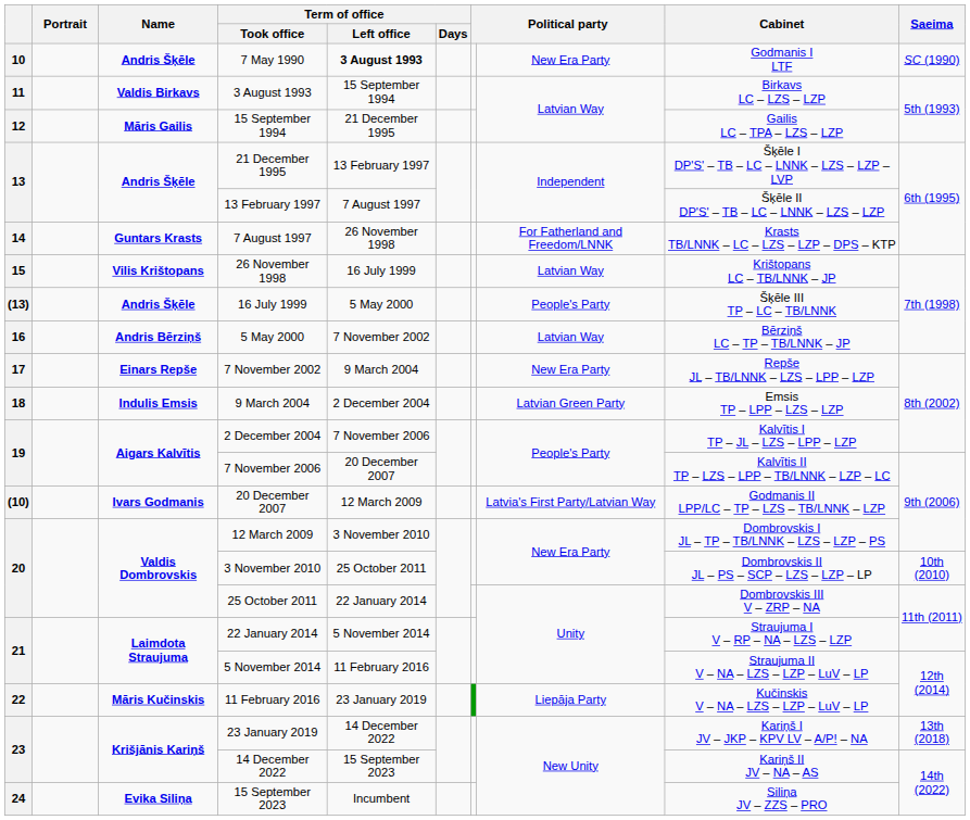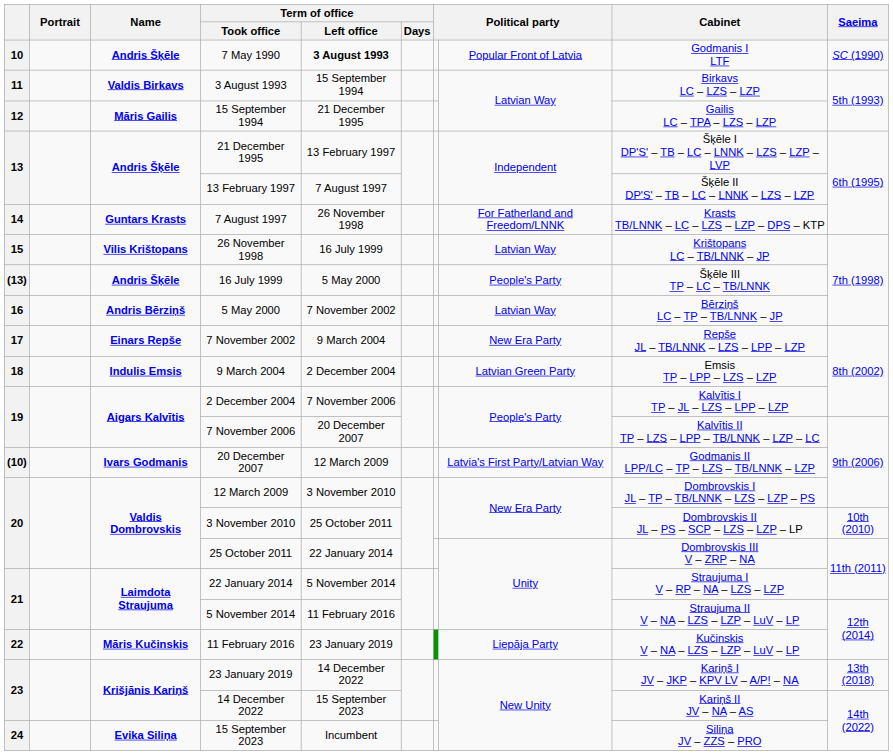 <table class="wikitable" style="text-align:center; width:100%; border:1px #AAAAFF solid">
 <tr>
 <th rowspan=2></th>
 <th width=80 rowspan=2>Portrait</th>
 <th rowspan=2>Name<br></th>
 <th colspan=3>Term of office</th>
 <th rowspan=2 colspan=2>Political party</th>
 <th rowspan=2>Cabinet</th>
 <th rowspan=2><a href='#'>Saeima</a></th>
 </tr>
 <tr>
 <th>Took office</th>
 <th>Left office</th>
 <th>Days</th>
 </tr>
 <tr>
 <th>10</th>
 <td></td>
 <td><strong><a href='#'>Andris Šķēle</a></strong><br></td>
 <td>7 May 1990</td>
 <td><strong>3 August 1993</strong></td>
 <td></td>
 <td style="background:"></td>
-<td><a href='#'>New Era Party</a></td>
+<td><a href='#'>Popular Front of Latvia</a></td>
 <td><a href='#'>Godmanis I</a><br><a href='#'>LTF</a><br></td>
 <td><a href='#'><em>SC</em> (1990)</a></td>
 </tr>
 <tr>
 <th>11</th>
 <td></td>
 <td><strong><a href='#'>Valdis Birkavs</a></strong><br></td>
 <td>3 August 1993</td>
 <td>15 September 1994</td>
 <td></td>
 <td style="background:"></td>
 <td rowspan=2><a href='#'>Latvian Way</a></td>
 <td><a href='#'>Birkavs</a><br><a href='#'>LC</a> – <a href='#'>LZS</a> – <a href='#'>LZP</a></td>
 <td rowspan=2><a href='#'>5th (1993)</a></td>
 </tr>
 <tr>
 <th>12</th>
 <td></td>
 <td><strong><a href='#'>Māris Gailis</a></strong><br></td>
 <td>15 September 1994</td>
 <td>21 December 1995</td>
 <td></td>
 <td style="background:"></td>
 <td><a href='#'>Gailis</a><br><a href='#'>LC</a> – <a href='#'>TPA</a> – <a href='#'>LZS</a> – <a href='#'>LZP</a><br></td>
 </tr>
 <tr>
 <th rowspan=2>13</th>
 <td rowspan=2></td>
 <td rowspan=2><strong><a href='#'>Andris Šķēle</a></strong><br></td>
 <td>21 December 1995</td>
 <td>13 February 1997</td>
 <td rowspan=2></td>
 <td rowspan=2 style="background:"></td>
 <td rowspan=2><a href='#'>Independent</a></td>
 <td>Šķēle I<br><a href='#'>DP'S'</a> – <a href='#'>TB</a> – <a href='#'>LC</a> – <a href='#'>LNNK</a> – <a href='#'>LZS</a> – <a href='#'>LZP</a> – <a href='#'>LVP</a></td>
 <td rowspan=3><a href='#'>6th (1995)</a></td>
 </tr>
 <tr>
 <td>13 February 1997</td>
 <td>7 August 1997</td>
 <td>Šķēle II<br><a href='#'>DP'S'</a> – <a href='#'>TB</a> – <a href='#'>LC</a> – <a href='#'>LNNK</a> – <a href='#'>LZS</a> – <a href='#'>LZP</a><br></td>
 </tr>
 <tr>
 <th>14</th>
 <td></td>
 <td><strong><a href='#'>Guntars Krasts</a></strong><br></td>
 <td>7 August 1997</td>
 <td>26 November 1998</td>
 <td></td>
 <td style="background:"></td>
 <td><a href='#'>For Fatherland and Freedom/LNNK</a></td>
 <td><a href='#'>Krasts</a><br><a href='#'>TB/LNNK</a> – <a href='#'>LC</a> – <a href='#'>LZS</a> – <a href='#'>LZP</a> – <a href='#'>DPS</a> – KTP<br></td>
 </tr>
 <tr>
 <th>15</th>
 <td></td>
 <td><strong><a href='#'>Vilis Krištopans</a></strong><br></td>
 <td>26 November 1998</td>
 <td>16 July 1999</td>
 <td></td>
 <td style="background:"></td>
 <td><a href='#'>Latvian Way</a></td>
 <td><a href='#'>Krištopans</a><br><a href='#'>LC</a> – <a href='#'>TB/LNNK</a> – <a href='#'>JP</a><br></td>
 <td rowspan=3><a href='#'>7th (1998)</a></td>
 </tr>
 <tr>
 <th>(13)</th>
 <td></td>
 <td><strong><a href='#'>Andris Šķēle</a></strong><br></td>
 <td>16 July 1999</td>
 <td>5 May 2000</td>
 <td></td>
 <td style="background:"></td>
 <td><a href='#'>People's Party</a></td>
 <td>Šķēle III<br><a href='#'>TP</a> – <a href='#'>LC</a> – <a href='#'>TB/LNNK</a></td>
 </tr>
 <tr>
 <th>16</th>
 <td></td>
 <td><strong><a href='#'>Andris Bērziņš</a></strong><br></td>
 <td>5 May 2000</td>
 <td>7 November 2002</td>
 <td></td>
 <td style="background:"></td>
 <td><a href='#'>Latvian Way</a></td>
 <td><a href='#'>Bērziņš</a><br><a href='#'>LC</a> – <a href='#'>TP</a> – <a href='#'>TB/LNNK</a> – <a href='#'>JP</a></td>
 </tr>
 <tr>
 <th>17</th>
 <td></td>
 <td><strong><a href='#'>Einars Repše</a></strong><br></td>
 <td>7 November 2002</td>
 <td>9 March 2004</td>
 <td></td>
 <td style="background:"></td>
 <td><a href='#'>New Era Party</a></td>
 <td><a href='#'>Repše</a><br><a href='#'>JL</a> – <a href='#'>TB/LNNK</a> – <a href='#'>LZS</a> – <a href='#'>LPP</a> – <a href='#'>LZP</a><br></td>
 <td rowspan=3><a href='#'>8th (2002)</a></td>
 </tr>
 <tr>
 <th>18</th>
 <td></td>
 <td><strong><a href='#'>Indulis Emsis</a></strong><br></td>
 <td>9 March 2004</td>
 <td>2 December 2004</td>
 <td></td>
 <td style="background:"></td>
 <td><a href='#'>Latvian Green Party</a></td>
 <td>Emsis<br><a href='#'>TP</a> – <a href='#'>LPP</a> – <a href='#'>LZS</a> – <a href='#'>LZP</a></td>
 </tr>
 <tr>
 <th rowspan=2>19</th>
 <td rowspan=2></td>
 <td rowspan=2><strong><a href='#'>Aigars Kalvītis</a></strong><br></td>
 <td>2 December 2004</td>
 <td>7 November 2006</td>
 <td rowspan=2></td>
 <td rowspan=2 style="background:"></td>
 <td rowspan=2><a href='#'>People's Party</a></td>
 <td><a href='#'>Kalvītis I</a><br><a href='#'>TP</a> – <a href='#'>JL</a> – <a href='#'>LZS</a> – <a href='#'>LPP</a> – <a href='#'>LZP</a><br></td>
 </tr>
 <tr>
 <td>7 November 2006</td>
 <td>20 December 2007</td>
 <td><a href='#'>Kalvītis II</a><br><a href='#'>TP</a> – <a href='#'>LZS</a> – <a href='#'>LPP</a> – <a href='#'>TB/LNNK</a> – <a href='#'>LZP</a> – <a href='#'>LC</a></td>
 <td rowspan=3><a href='#'>9th (2006)</a></td>
 </tr>
 <tr>
 <th>(10)</th>
 <td></td>
 <td><strong><a href='#'>Ivars Godmanis</a></strong><br></td>
 <td>20 December 2007</td>
 <td>12 March 2009</td>
 <td></td>
 <td style="background:"></td>
 <td><a href='#'>Latvia's First Party/Latvian Way</a></td>
 <td><a href='#'>Godmanis II</a><br><a href='#'>LPP/LC</a> – <a href='#'>TP</a> – <a href='#'>LZS</a> – <a href='#'>TB/LNNK</a> – <a href='#'>LZP</a></td>
 </tr>
 <tr>
 <th rowspan=3>20</th>
 <td rowspan=3></td>
 <td rowspan=3><strong><a href='#'>Valdis Dombrovskis</a></strong><br></td>
 <td>12 March 2009</td>
 <td>3 November 2010</td>
 <td rowspan=3></td>
 <td rowspan=2 style="background:"></td>
 <td rowspan=2><a href='#'>New Era Party</a></td>
 <td><a href='#'>Dombrovskis I</a><br><a href='#'>JL</a> – <a href='#'>TP</a> – <a href='#'>TB/LNNK</a> – <a href='#'>LZS</a> – <a href='#'>LZP</a> – <a href='#'>PS</a></td>
 </tr>
 <tr>
 <td>3 November 2010</td>
 <td>25 October 2011</td>
 <td><a href='#'>Dombrovskis II</a><br><a href='#'>JL</a> – <a href='#'>PS</a> – <a href='#'>SCP</a> – <a href='#'>LZS</a> – <a href='#'>LZP</a> – LP<br></td>
 <td><a href='#'>10th (2010)</a></td>
 </tr>
 <tr>
 <td>25 October 2011</td>
 <td>22 January 2014</td>
 <td style="background:"></td>
 <td rowspan=3><a href='#'>Unity</a></td>
 <td><a href='#'>Dombrovskis III</a><br><a href='#'>V</a> – <a href='#'>ZRP</a> – <a href='#'>NA</a></td>
 <td rowspan=2><a href='#'>11th (2011)</a></td>
 </tr>
 <tr>
 <th rowspan=2>21</th>
 <td rowspan=2></td>
 <td rowspan=2><strong><a href='#'>Laimdota Straujuma</a></strong><br></td>
 <td>22 January 2014</td>
 <td>5 November 2014</td>
 <td rowspan=2></td>
 <td rowspan=2 style="background:"></td>
 <td><a href='#'>Straujuma I</a><br><a href='#'>V</a> – <a href='#'>RP</a> – <a href='#'>NA</a> – <a href='#'>LZS</a> – <a href='#'>LZP</a></td>
 </tr>
 <tr>
 <td>5 November 2014</td>
 <td>11 February 2016</td>
 <td><a href='#'>Straujuma II</a><br><a href='#'>V</a> – <a href='#'>NA</a> – <a href='#'>LZS</a> – <a href='#'>LZP</a> – <a href='#'>LuV</a> – <a href='#'>LP</a></td>
 <td rowspan=2><a href='#'>12th (2014)</a></td>
 </tr>
 <tr>
 <th>22</th>
 <td></td>
 <td><strong><a href='#'>Māris Kučinskis</a></strong><br></td>
 <td>11 February 2016</td>
 <td>23 January 2019</td>
 <td></td>
 <td style="background:#009900;"></td>
 <td><a href='#'>Liepāja Party</a></td>
 <td><a href='#'>Kučinskis</a><br><a href='#'>V</a> – <a href='#'>NA</a> – <a href='#'>LZS</a> – <a href='#'>LZP</a> – <a href='#'>LuV</a> – <a href='#'>LP</a></td>
 </tr>
 <tr>
 <th rowspan=2>23</th>
 <td rowspan=2></td>
 <td rowspan=2><strong><a href='#'>Krišjānis Kariņš</a></strong><br></td>
 <td>23 January 2019</td>
 <td>14 December 2022</td>
 <td rowspan=2></td>
 <td rowspan=2 style="background:"></td>
 <td rowspan=3><a href='#'>New Unity</a></td>
 <td><a href='#'>Kariņš I</a><br><a href='#'>JV</a> – <a href='#'>JKP</a> – <a href='#'>KPV LV</a> – <a href='#'>A/P!</a> – <a href='#'>NA</a><br></td>
 <td><a href='#'>13th (2018)</a></td>
 </tr>
 <tr>
 <td>14 December 2022</td>
 <td>15 September 2023</td>
 <td><a href='#'>Kariņš II</a><br><a href='#'>JV</a> – <a href='#'>NA</a> – <a href='#'>AS</a></td>
 <td rowspan=2><a href='#'>14th (2022)</a></td>
 </tr>
 <tr>
 <th>24</th>
 <td></td>
 <td><strong><a href='#'>Evika Siliņa</a></strong><br></td>
 <td>15 September 2023</td>
 <td>Incumbent</td>
 <td></td>
 <td style="background:"></td>
 <td><a href='#'>Siliņa</a><br><a href='#'>JV</a> – <a href='#'>ZZS</a> – <a href='#'>PRO</a></td>
 </tr>
 </table>
